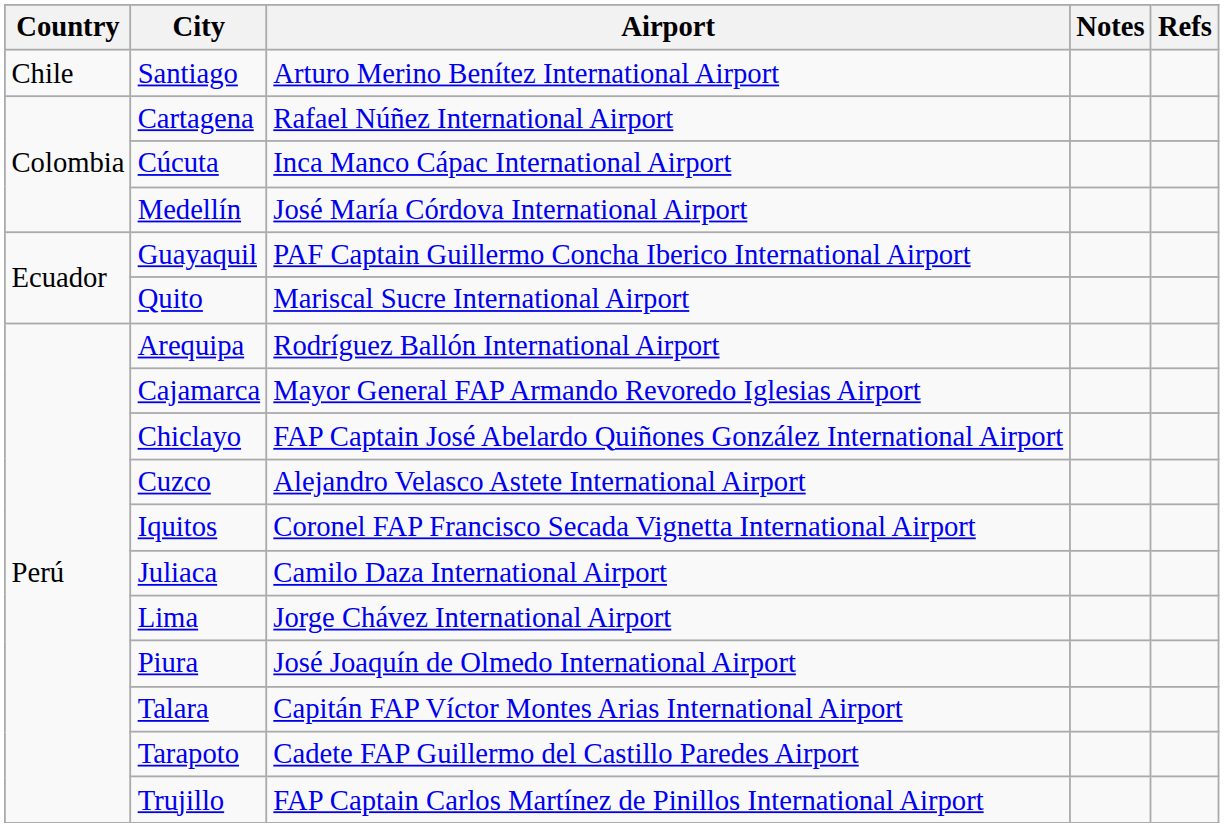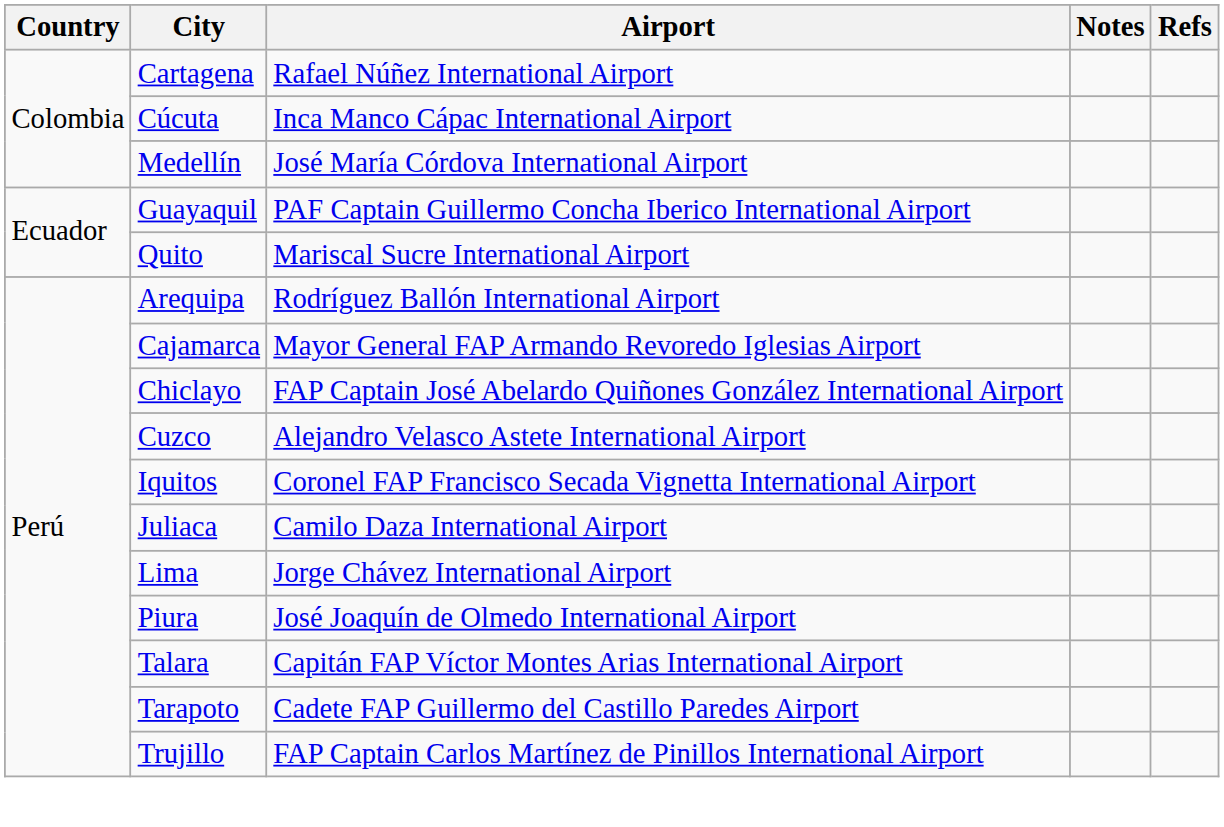 <table class="wikitable sortable" align=center>
 <tr>
 <th>Country</th>
 <th>City</th>
 <th>Airport</th>
 <th>Notes</th>
 <th class="unsortable">Refs</th>
-</tr>
-<tr>
-<td>Chile</td>
-<td><a href='#'>Santiago</a></td>
-<td><a href='#'>Arturo Merino Benítez International Airport</a></td>
-<td></td>
-<td align=center></td>
 </tr>
 <tr>
 <td rowspan=3>Colombia</td>
 <td><a href='#'>Cartagena</a></td>
 <td><a href='#'>Rafael Núñez International Airport</a></td>
 <td></td>
 <td align=center></td>
 </tr>
 <tr>
 <td><a href='#'>Cúcuta</a></td>
 <td><a href='#'>Inca Manco Cápac International Airport</a></td>
 <td></td>
 <td align=center></td>
 </tr>
 <tr>
 <td><a href='#'>Medellín</a></td>
 <td><a href='#'>José María Córdova International Airport</a></td>
 <td></td>
 <td align=center></td>
 </tr>
 <tr>
 <td rowspan="2">Ecuador</td>
 <td><a href='#'>Guayaquil</a></td>
 <td><a href='#'>PAF Captain Guillermo Concha Iberico International Airport</a></td>
 <td></td>
 <td align=center></td>
 </tr>
 <tr>
 <td><a href='#'>Quito</a></td>
 <td><a href='#'>Mariscal Sucre International Airport</a></td>
 <td></td>
 <td align=center></td>
 </tr>
 <tr>
 <td rowspan=11>Perú</td>
 <td><a href='#'>Arequipa</a></td>
 <td><a href='#'>Rodríguez Ballón International Airport</a></td>
 <td></td>
 <td align=center></td>
 </tr>
 <tr>
 <td><a href='#'>Cajamarca</a></td>
 <td><a href='#'>Mayor General FAP Armando Revoredo Iglesias Airport</a></td>
 <td align=center></td>
 <td align=center></td>
 </tr>
 <tr>
 <td><a href='#'>Chiclayo</a></td>
 <td><a href='#'>FAP Captain José Abelardo Quiñones González International Airport</a></td>
 <td></td>
 <td align=center></td>
 </tr>
 <tr>
 <td><a href='#'>Cuzco</a></td>
 <td><a href='#'>Alejandro Velasco Astete International Airport</a></td>
 <td align=center></td>
 <td align=center></td>
 </tr>
 <tr>
 <td><a href='#'>Iquitos</a></td>
 <td><a href='#'>Coronel FAP Francisco Secada Vignetta International Airport</a></td>
 <td></td>
 <td align=center></td>
 </tr>
 <tr>
 <td><a href='#'>Juliaca</a></td>
 <td><a href='#'>Camilo Daza International Airport</a></td>
 <td align=center></td>
 <td align=center></td>
 </tr>
 <tr>
 <td><a href='#'>Lima</a></td>
 <td><a href='#'>Jorge Chávez International Airport</a></td>
 <td></td>
 <td align=center></td>
 </tr>
 <tr>
 <td><a href='#'>Piura</a></td>
 <td><a href='#'>José Joaquín de Olmedo International Airport</a></td>
 <td align=center></td>
 <td align=center></td>
 </tr>
 <tr>
 <td><a href='#'>Talara</a></td>
 <td><a href='#'>Capitán FAP Víctor Montes Arias International Airport</a></td>
 <td align=center></td>
 <td align=center></td>
 </tr>
 <tr>
 <td><a href='#'>Tarapoto</a></td>
 <td><a href='#'>Cadete FAP Guillermo del Castillo Paredes Airport</a></td>
 <td align=center></td>
 <td align=center></td>
 </tr>
 <tr>
 <td><a href='#'>Trujillo</a></td>
 <td><a href='#'>FAP Captain Carlos Martínez de Pinillos International Airport</a></td>
 <td align=center></td>
 <td align=center></td>
 </tr>
 </table>
